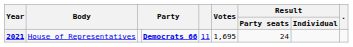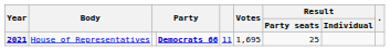 <table class="wikitable plainrowheaders sortable" border=2 cellpadding=4 cellspacing=0 style="border: 1px #aaa solid; font-size: 90%; text-align:center;">
 <tr>
 <th scope="col" rowspan=2>Year</th>
 <th scope="col" rowspan=2>Body</th>
 <th scope="col" colspan=2 rowspan=2>Party</th>
 <th scope="col" rowspan=2></th>
 <th scope="col" rowspan=2>Votes</th>
 <th scope="colgroup" colspan=2>Result</th>
 <th scope="col" rowspan=2 class="unsortable">.</th>
 </tr>
 <tr>
 <th scope="col">Party seats</th>
 <th scope="col">Individual</th>
 </tr>
 <tr>
 <th scope="row"><a href='#'>2021</a></th>
 <td><a href='#'>House of Representatives</a></td>
 <td style="background-color:"></td>
 <td><strong><a href='#'>Democrats 66</a></strong></td>
 <td style=text-align:right><a href='#'>11</a></td>
 <td style=text-align:right>1,695</td>
-<td style=text-align:right>24</td>
+<td style=text-align:right>25</td>
 <td></td>
 <td></td>
 </tr>
 </table>
